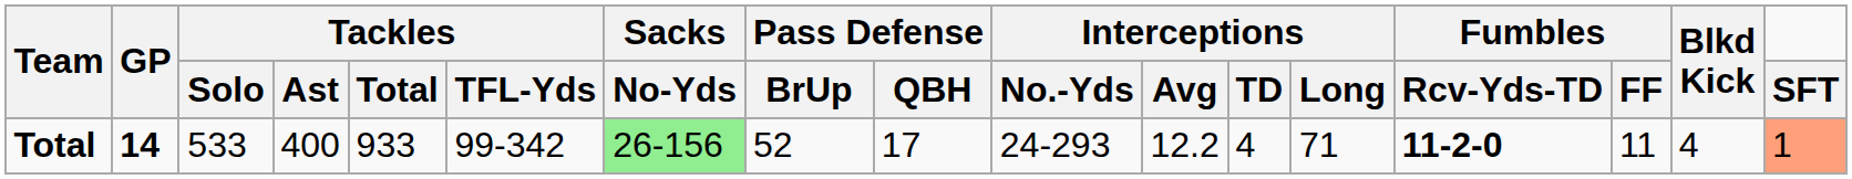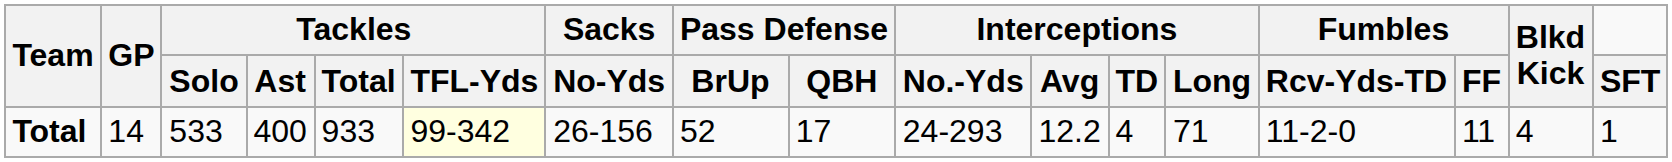 <table class="wikitable" style="white-space:nowrap;">
 <tr>
 <th rowspan="2">Team</th>
 <th rowspan="2">GP</th>
 <th colspan="4">Tackles</th>
 <th>Sacks</th>
 <th colspan="2">Pass Defense</th>
 <th colspan="4">Interceptions</th>
 <th colspan="2">Fumbles</th>
 <th rowspan="2">Blkd<br>Kick</th>
 </tr>
 <tr>
 <th>Solo</th>
 <th>Ast</th>
 <th>Total</th>
 <th>TFL-Yds</th>
 <th>No-Yds</th>
 <th>BrUp</th>
 <th>QBH</th>
 <th>No.-Yds</th>
 <th>Avg</th>
 <th>TD</th>
 <th>Long</th>
 <th>Rcv-Yds-TD</th>
 <th>FF</th>
 <th>SFT</th>
 </tr>
 <tr>
 <td><strong>Total</strong></td>
-<td><strong>14</strong></td>
+<td>14</td>
 <td>533</td>
 <td>400</td>
 <td>933</td>
-<td>99-342</td>
-<td style="background: lightgreen;">26-156</td>
+<td style="background: lightyellow;">99-342</td>
+<td>26-156</td>
 <td>52</td>
 <td>17</td>
 <td>24-293</td>
 <td>12.2</td>
 <td>4</td>
 <td>71</td>
-<td><strong>11-2-0</strong></td>
+<td>11-2-0</td>
 <td>11</td>
 <td>4</td>
-<td style="background: lightsalmon;">1</td>
+<td>1</td>
 </tr>
 </table>
